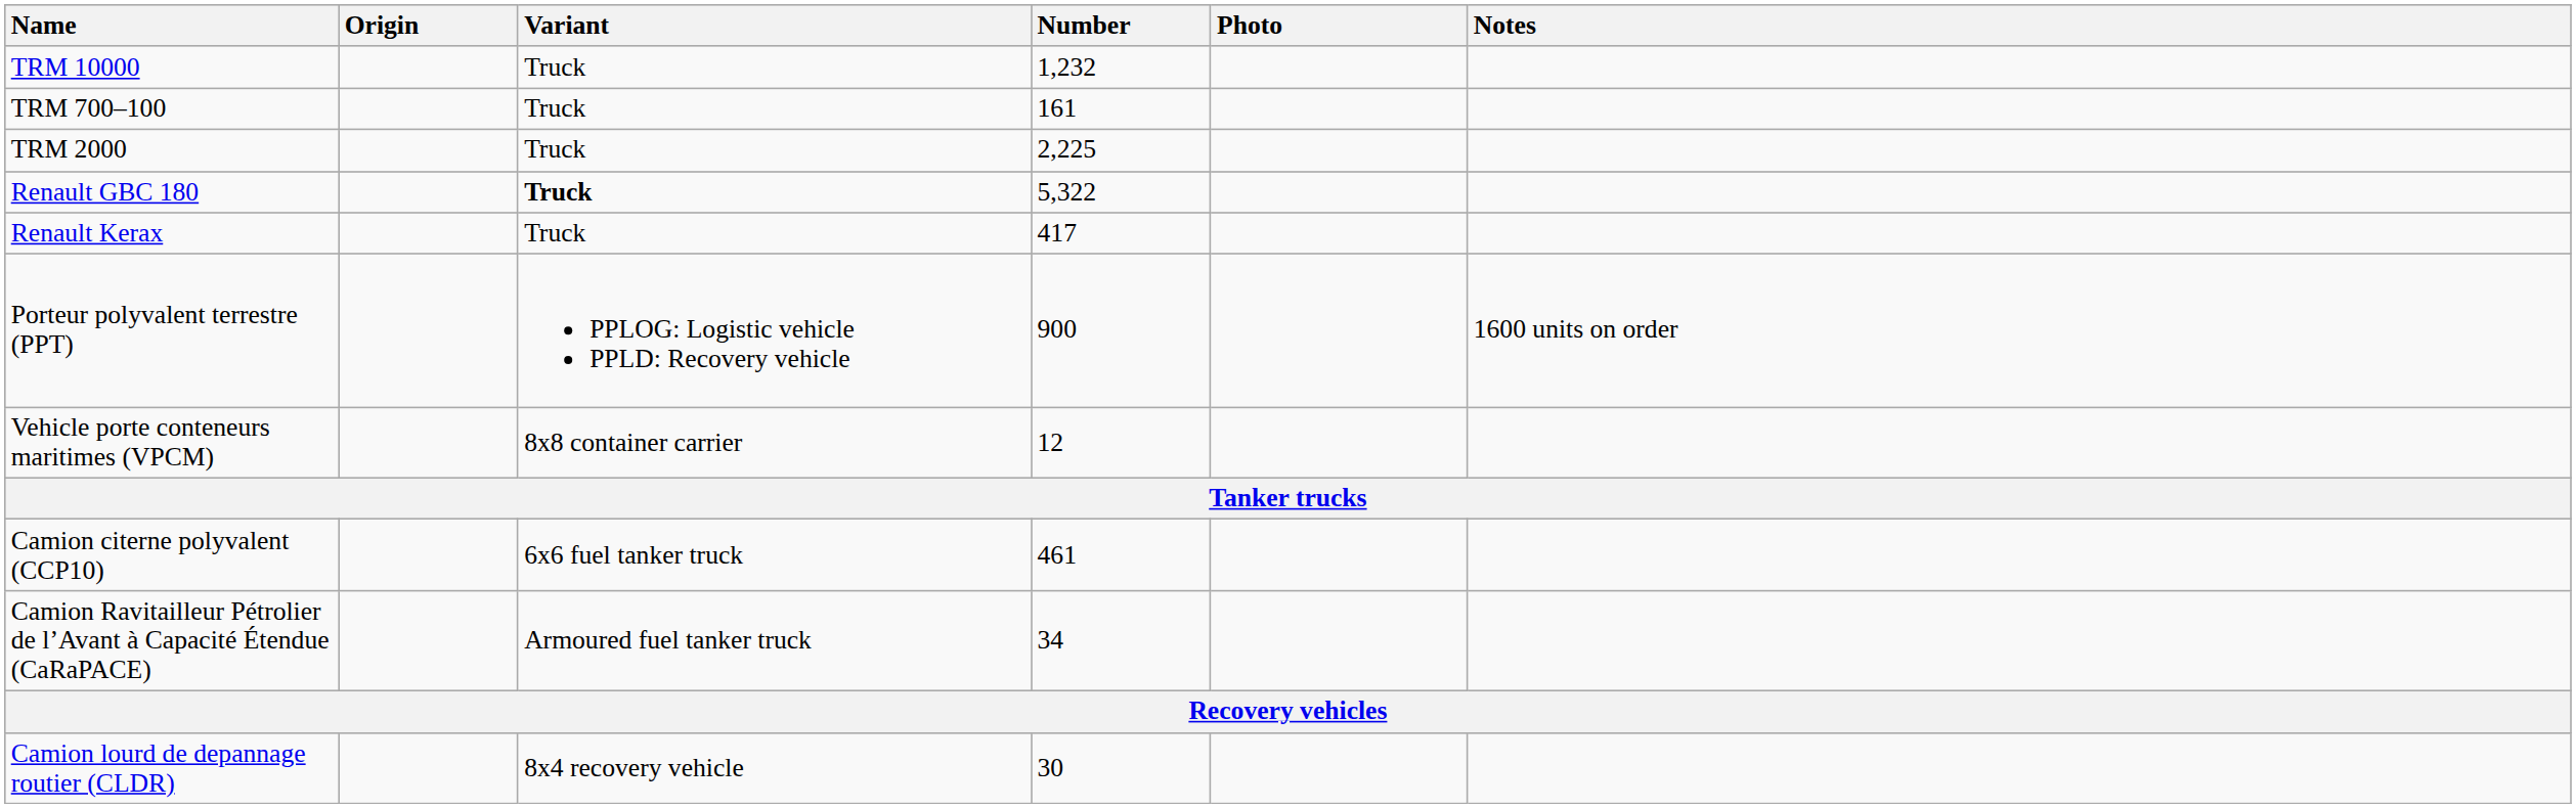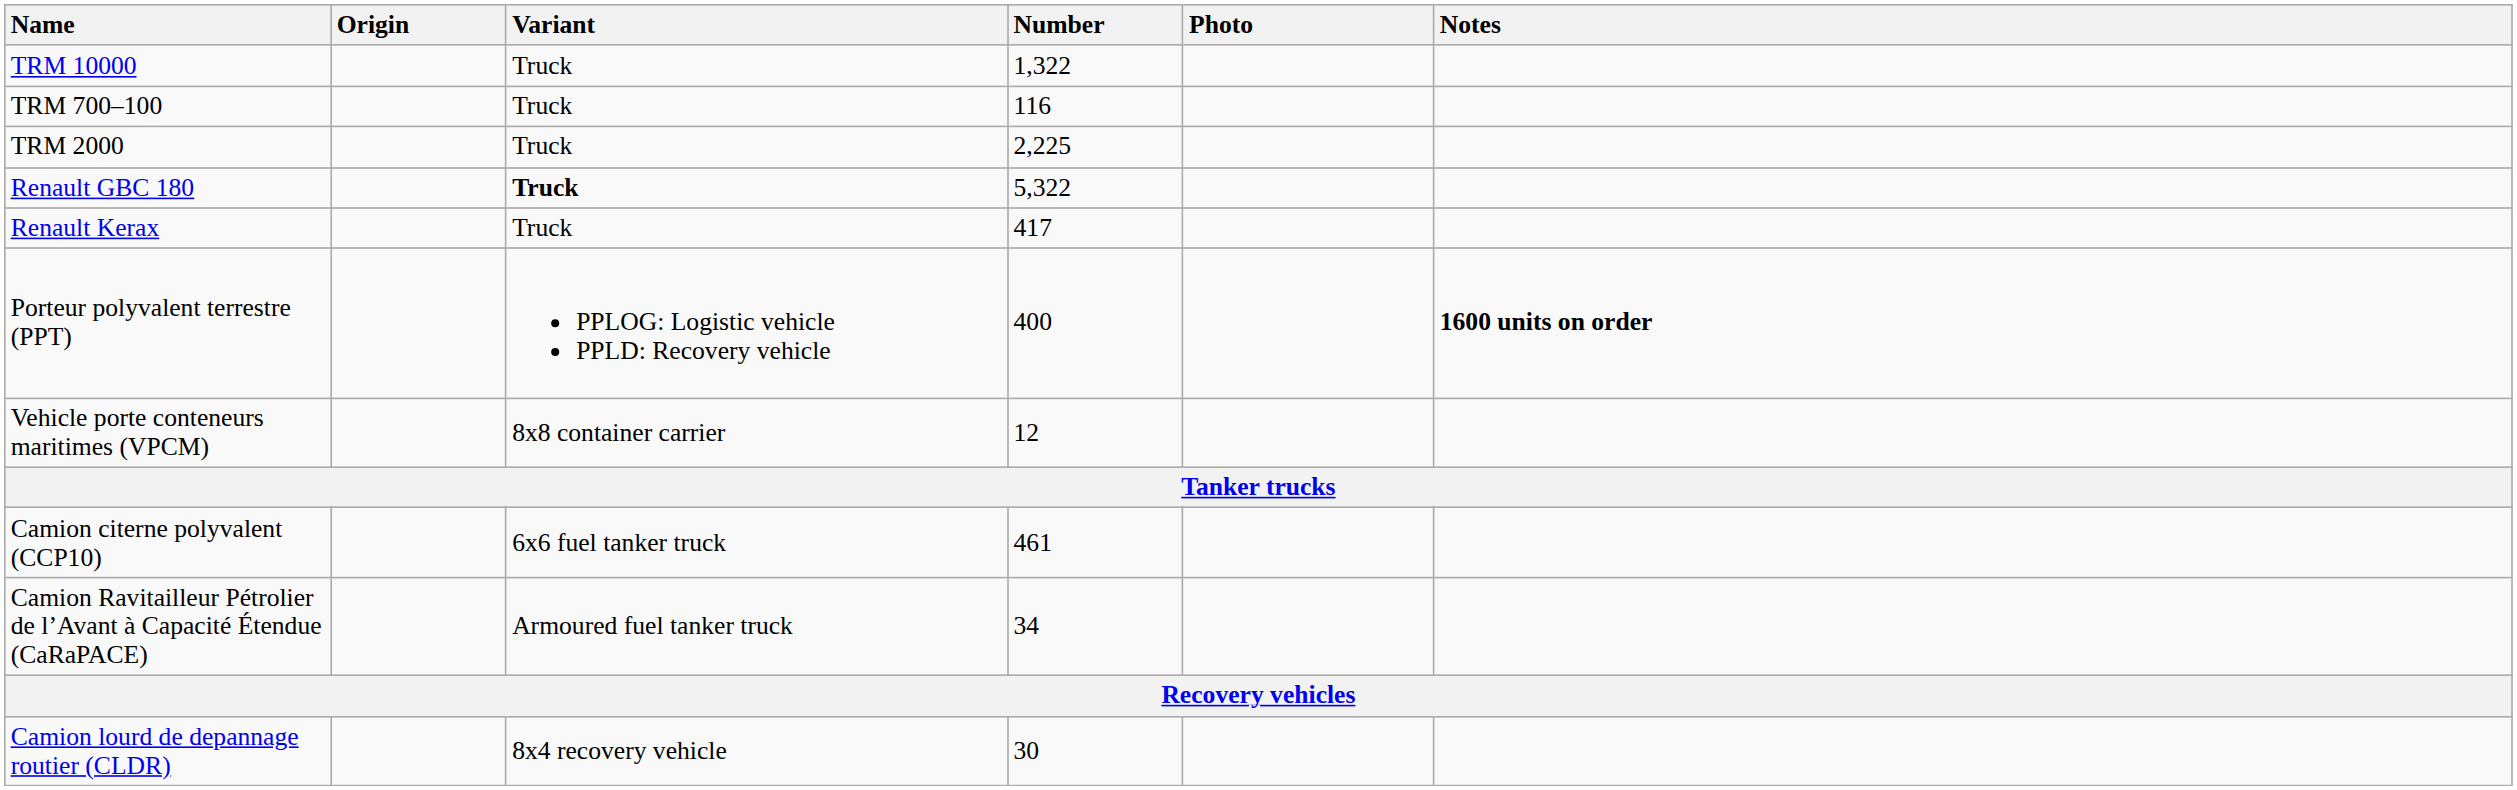 <table class="wikitable">
 <tr>
 <th style="text-align: left; width:13%;">Name</th>
 <th style="text-align: left; width:7%;">Origin</th>
 <th style="text-align: left; width:20%;">Variant</th>
 <th style="text-align: left; width:7%;">Number</th>
 <th style="text-align: left; width:10%; ">Photo</th>
 <th style="text-align: left; width:43%;">Notes</th>
 </tr>
 <tr>
 <td><a href='#'>TRM 10000</a></td>
 <td></td>
 <td>Truck</td>
-<td>1,232</td>
+<td>1,322</td>
 <td></td>
 <td></td>
 </tr>
 <tr>
 <td>TRM 700–100</td>
 <td></td>
 <td>Truck</td>
-<td>161</td>
+<td>116</td>
 <td></td>
 <td></td>
 </tr>
 <tr>
 <td>TRM 2000</td>
 <td></td>
 <td>Truck</td>
 <td>2,225</td>
 <td></td>
 <td></td>
 </tr>
 <tr>
 <td><a href='#'>Renault GBC 180</a></td>
 <td></td>
 <td><strong>Truck</strong></td>
 <td>5,322</td>
 <td></td>
 <td></td>
 </tr>
 <tr>
 <td><a href='#'>Renault Kerax</a></td>
 <td></td>
 <td>Truck</td>
 <td>417</td>
 <td></td>
 <td></td>
 </tr>
 <tr>
 <td>Porteur polyvalent terrestre (PPT)</td>
 <td><br></td>
 <td><br><ul><li>PPLOG: Logistic vehicle</li><li>PPLD: Recovery vehicle</li></ul></td>
-<td>900</td>
+<td>400</td>
 <td></td>
-<td>1600 units on order</td>
+<td><strong>1600 units on order</strong></td>
 </tr>
 <tr>
 <td>Vehicle porte conteneurs maritimes (VPCM)</td>
 <td><br></td>
 <td>8x8 container carrier</td>
 <td>12</td>
 <td></td>
 <td></td>
 </tr>
 <tr>
 <th style="align: center;" colspan="7"><a href='#'>Tanker trucks</a></th>
 </tr>
 <tr>
 <td>Camion citerne polyvalent (CCP10)</td>
 <td><br></td>
 <td>6x6 fuel tanker truck</td>
 <td>461</td>
 <td></td>
 <td></td>
 </tr>
 <tr>
 <td>Camion Ravitailleur Pétrolier de l’Avant à Capacité Étendue (CaRaPACE)</td>
 <td><br></td>
 <td>Armoured fuel tanker truck</td>
 <td>34</td>
 <td></td>
 <td></td>
 </tr>
 <tr>
 <th style="align: center;" colspan="7"><a href='#'>Recovery vehicles</a></th>
 </tr>
 <tr>
 <td><a href='#'>Camion lourd de depannage routier (CLDR)</a></td>
 <td></td>
 <td>8x4 recovery vehicle</td>
 <td>30</td>
 <td></td>
 <td></td>
 </tr>
 </table>
